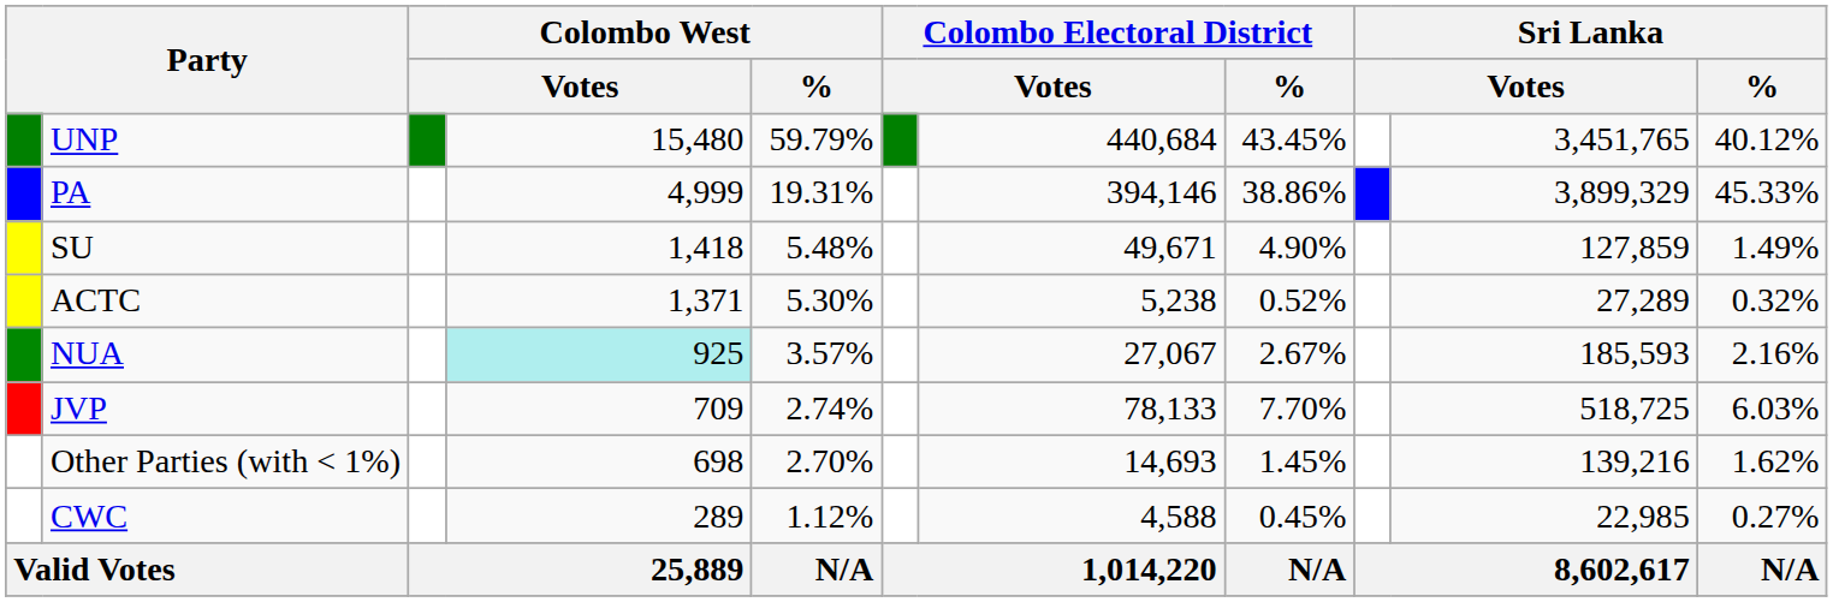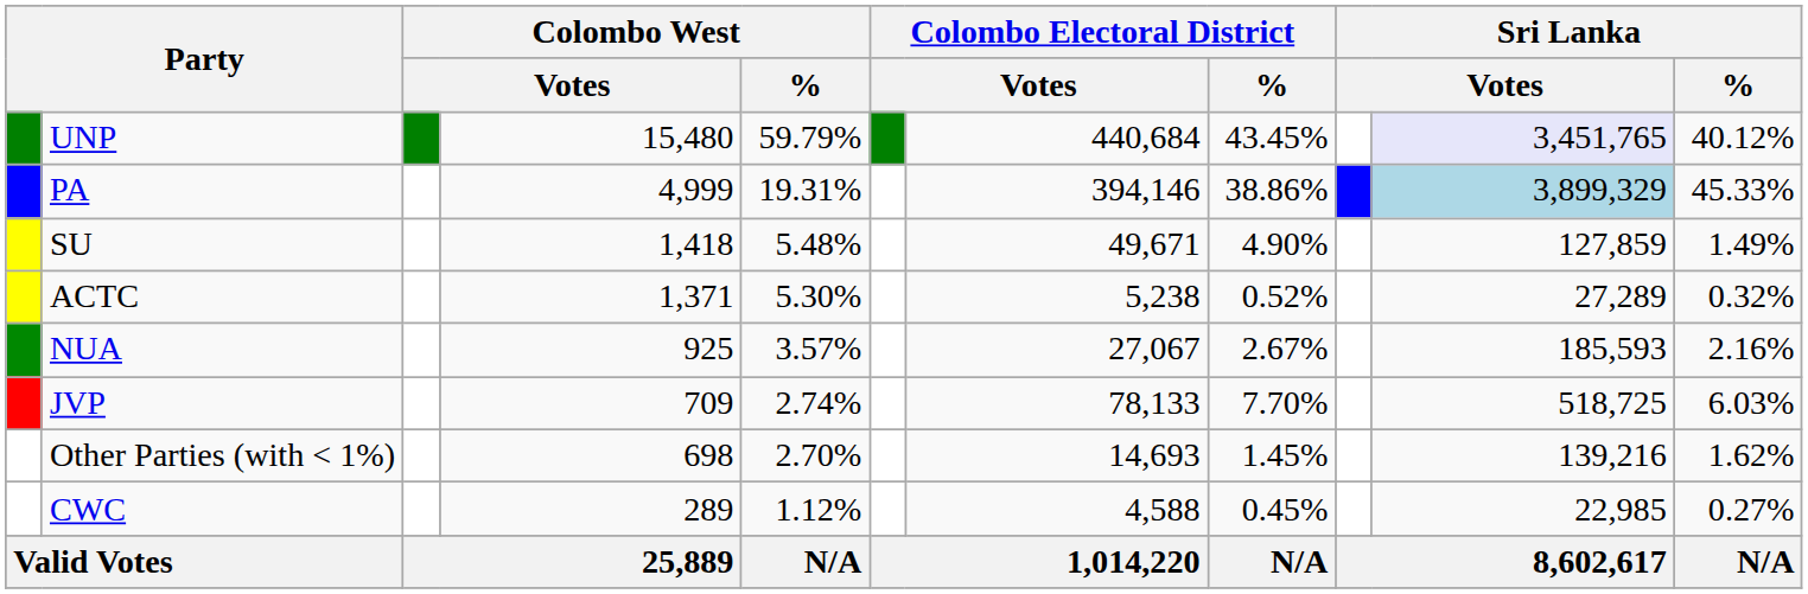 <table class="wikitable">
 <tr>
 <th colspan="2" width="144px"rowspan="2">Party</th>
 <th colspan="3" width="216px">Colombo West</th>
 <th colspan="3" width="216px"><a href='#'>Colombo Electoral District</a></th>
 <th colspan="3" width="216px">Sri Lanka</th>
 </tr>
 <tr>
 <th colspan="2" width="144px">Votes</th>
 <th>%</th>
 <th colspan="2" width="144px">Votes</th>
 <th>%</th>
 <th colspan="2" width="144px">Votes</th>
 <th>%</th>
 </tr>
 <tr>
 <td style="background-color:green;" width="10px"></td>
 <td style="text-align:left;"><a href='#'>UNP</a></td>
 <td style="background-color:green;" width="10px"></td>
 <td style="text-align:right;">15,480</td>
 <td style="text-align:right;">59.79%</td>
 <td style="background-color:green;" width="10px"></td>
 <td style="text-align:right;">440,684</td>
 <td style="text-align:right;">43.45%</td>
 <td style="background-color:white;" width="10px"></td>
-<td style="text-align:right;">3,451,765</td>
+<td style="background: lavender; text-align:right;">3,451,765</td>
 <td style="text-align:right;">40.12%</td>
 </tr>
 <tr>
 <td style="background-color:blue;" width="10px"></td>
 <td style="text-align:left;"><a href='#'>PA</a></td>
 <td style="background-color:white;" width="10px"></td>
 <td style="text-align:right;">4,999</td>
 <td style="text-align:right;">19.31%</td>
 <td style="background-color:white;" width="10px"></td>
 <td style="text-align:right;">394,146</td>
 <td style="text-align:right;">38.86%</td>
 <td style="background-color:blue;" width="10px"></td>
-<td style="text-align:right;">3,899,329</td>
+<td style="background: lightblue; text-align:right;">3,899,329</td>
 <td style="text-align:right;">45.33%</td>
 </tr>
 <tr>
 <td style="background-color:yellow;" width="10px"></td>
 <td style="text-align:left;">SU</td>
 <td style="background-color:white;" width="10px"></td>
 <td style="text-align:right;">1,418</td>
 <td style="text-align:right;">5.48%</td>
 <td style="background-color:white;" width="10px"></td>
 <td style="text-align:right;">49,671</td>
 <td style="text-align:right;">4.90%</td>
 <td style="background-color:white;" width="10px"></td>
 <td style="text-align:right;">127,859</td>
 <td style="text-align:right;">1.49%</td>
 </tr>
 <tr>
 <td style="background-color:yellow;" width="10px"></td>
 <td style="text-align:left;">ACTC</td>
 <td style="background-color:white;" width="10px"></td>
 <td style="text-align:right;">1,371</td>
 <td style="text-align:right;">5.30%</td>
 <td style="background-color:white;" width="10px"></td>
 <td style="text-align:right;">5,238</td>
 <td style="text-align:right;">0.52%</td>
 <td style="background-color:white;" width="10px"></td>
 <td style="text-align:right;">27,289</td>
 <td style="text-align:right;">0.32%</td>
 </tr>
 <tr>
 <td style="background-color:#008800;" width="10px"></td>
 <td style="text-align:left;"><a href='#'>NUA</a></td>
 <td style="background-color:white;" width="10px"></td>
-<td style="background: paleturquoise; text-align:right;">925</td>
+<td style="text-align:right;">925</td>
 <td style="text-align:right;">3.57%</td>
 <td style="background-color:white;" width="10px"></td>
 <td style="text-align:right;">27,067</td>
 <td style="text-align:right;">2.67%</td>
 <td style="background-color:white;" width="10px"></td>
 <td style="text-align:right;">185,593</td>
 <td style="text-align:right;">2.16%</td>
 </tr>
 <tr>
 <td style="background-color:red;" width="10px"></td>
 <td style="text-align:left;"><a href='#'>JVP</a></td>
 <td style="background-color:white;" width="10px"></td>
 <td style="text-align:right;">709</td>
 <td style="text-align:right;">2.74%</td>
 <td style="background-color:white;" width="10px"></td>
 <td style="text-align:right;">78,133</td>
 <td style="text-align:right;">7.70%</td>
 <td style="background-color:white;" width="10px"></td>
 <td style="text-align:right;">518,725</td>
 <td style="text-align:right;">6.03%</td>
 </tr>
 <tr>
 <td style="background-color:white;" width="10px"></td>
 <td style="text-align:left;">Other Parties (with < 1%)</td>
 <td style="background-color:white;" width="10px"></td>
 <td style="text-align:right;">698</td>
 <td style="text-align:right;">2.70%</td>
 <td style="background-color:white;" width="10px"></td>
 <td style="text-align:right;">14,693</td>
 <td style="text-align:right;">1.45%</td>
 <td style="background-color:white;" width="10px"></td>
 <td style="text-align:right;">139,216</td>
 <td style="text-align:right;">1.62%</td>
 </tr>
 <tr>
 <td style="background-color:white;" width="10px"></td>
 <td style="text-align:left;"><a href='#'>CWC</a></td>
 <td style="background-color:white;" width="10px"></td>
 <td style="text-align:right;">289</td>
 <td style="text-align:right;">1.12%</td>
 <td style="background-color:white;" width="10px"></td>
 <td style="text-align:right;">4,588</td>
 <td style="text-align:right;">0.45%</td>
 <td style="background-color:white;" width="10px"></td>
 <td style="text-align:right;">22,985</td>
 <td style="text-align:right;">0.27%</td>
 </tr>
 <tr>
 <th colspan="2" width="144px"style="text-align:left;">Valid Votes</th>
 <th style="text-align:right;"colspan="2" width="144px">25,889</th>
 <th style="text-align:right;">N/A</th>
 <th style="text-align:right;"colspan="2" width="144px">1,014,220</th>
 <th style="text-align:right;">N/A</th>
 <th style="text-align:right;"colspan="2" width="144px">8,602,617</th>
 <th style="text-align:right;">N/A</th>
 </tr>
 </table>
